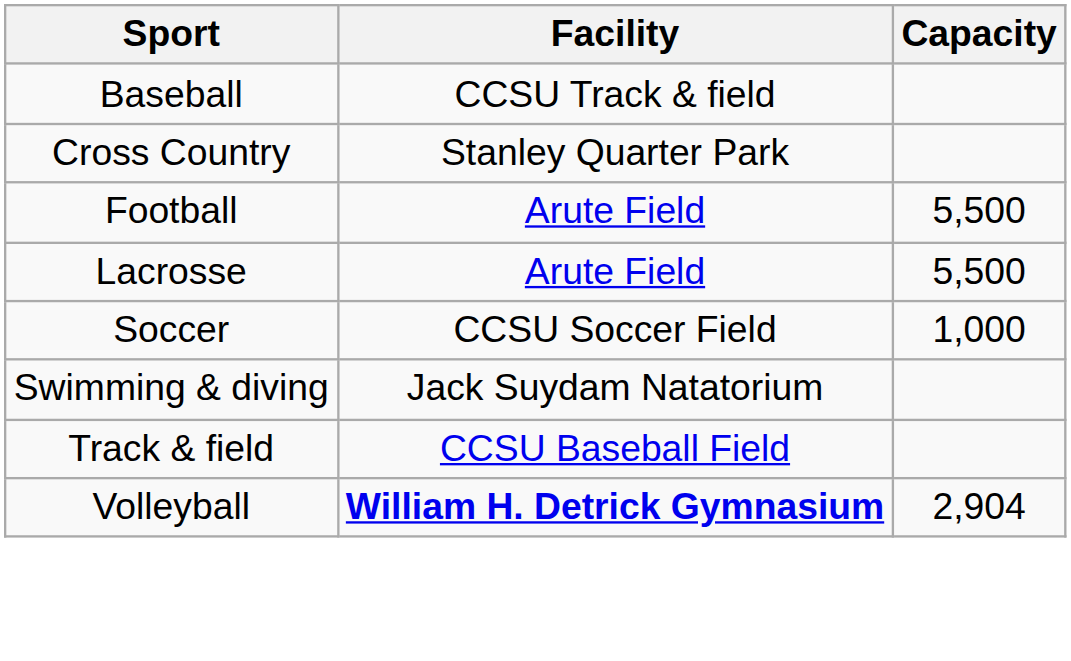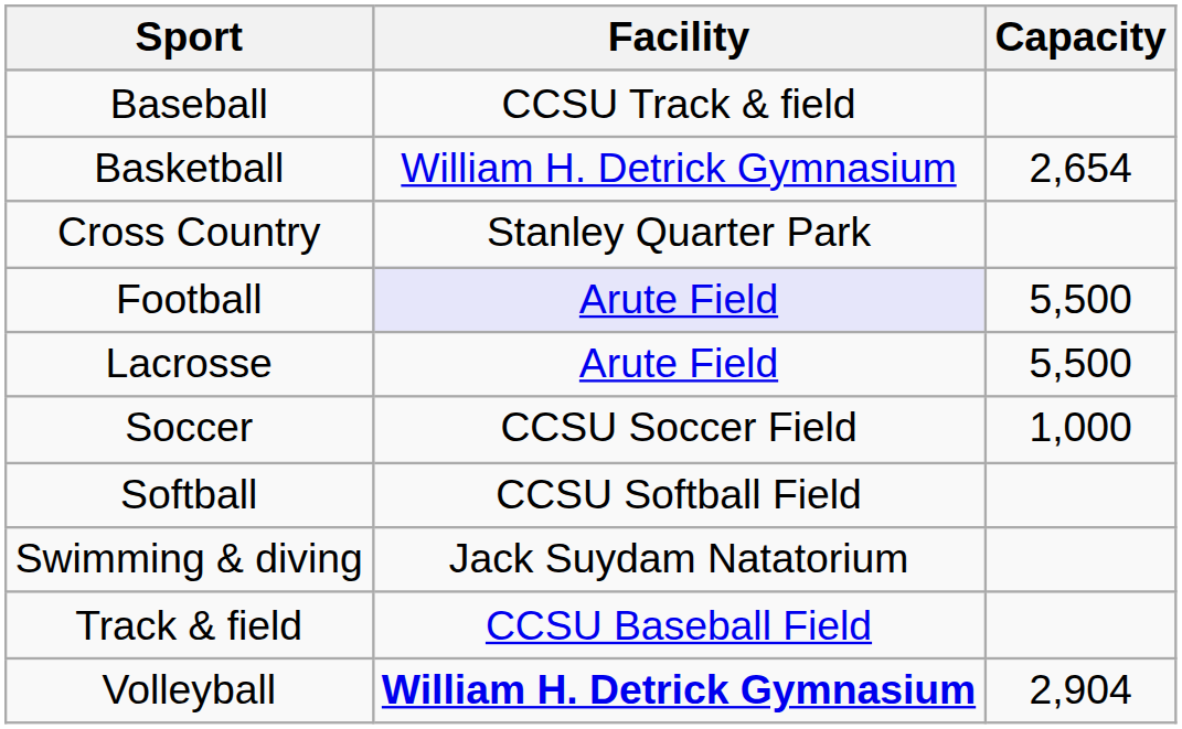 <table class="wikitable" style="text-align: center">
 <tr>
 <th>Sport</th>
 <th>Facility</th>
 <th>Capacity</th>
 </tr>
 <tr>
 <td>Baseball</td>
 <td>CCSU Track & field</td>
 <td></td>
 </tr>
 <tr>
+<td>Basketball</td>
+<td><a href='#'>William H. Detrick Gymnasium</a></td>
+<td>2,654</td>
+</tr>
+<tr>
 <td>Cross Country</td>
 <td>Stanley Quarter Park</td>
 <td></td>
 </tr>
 <tr>
 <td>Football</td>
-<td><a href='#'>Arute Field</a></td>
+<td style="background: lavender;"><a href='#'>Arute Field</a></td>
 <td>5,500</td>
 </tr>
 <tr>
 <td>Lacrosse</td>
 <td><a href='#'>Arute Field</a></td>
 <td>5,500</td>
 </tr>
 <tr>
 <td>Soccer</td>
 <td>CCSU Soccer Field</td>
 <td>1,000</td>
+</tr>
+<tr>
+<td>Softball</td>
+<td>CCSU Softball Field</td>
+<td></td>
 </tr>
 <tr>
 <td>Swimming & diving</td>
 <td>Jack Suydam Natatorium</td>
 <td></td>
 </tr>
 <tr>
 <td>Track & field</td>
 <td><a href='#'>CCSU Baseball Field</a></td>
 <td></td>
 </tr>
 <tr>
 <td>Volleyball</td>
 <td><strong><a href='#'>William H. Detrick Gymnasium</a></strong></td>
 <td>2,904</td>
 </tr>
 </table>
